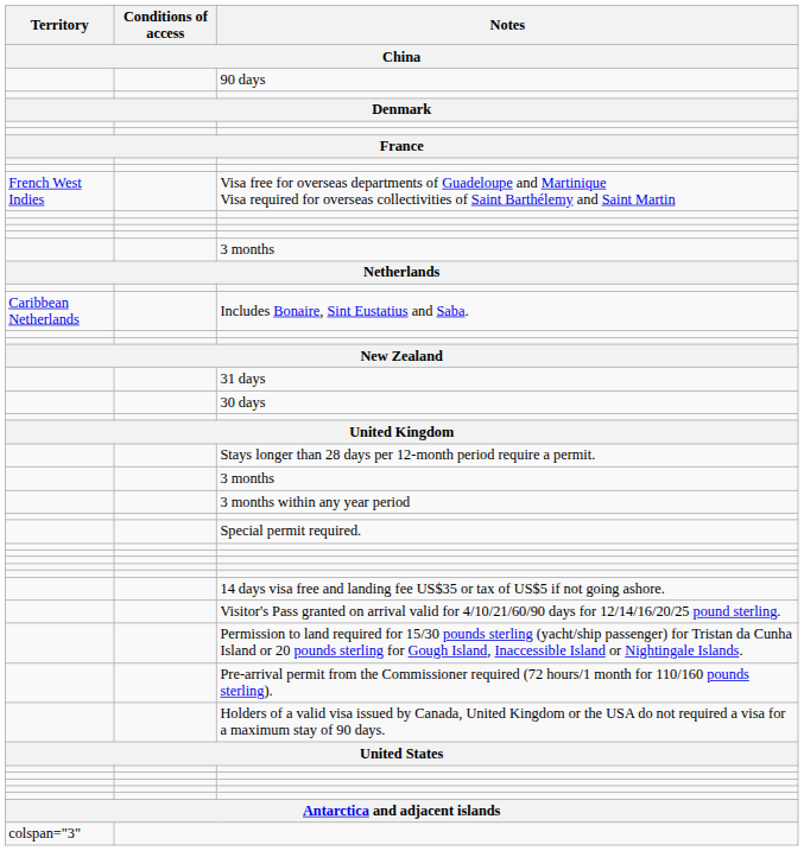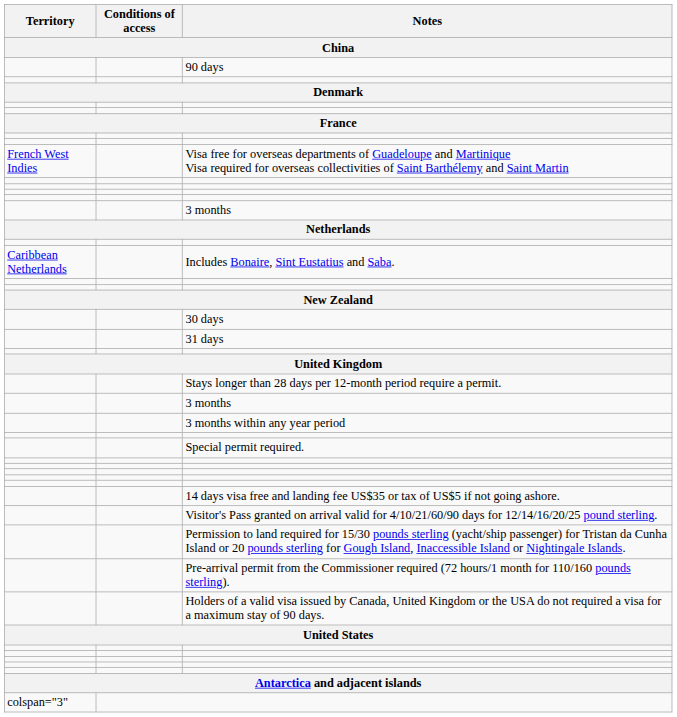 <table class="wikitable" style="text-align: left; table-layout: fixed;">
 <tr>
 <th>Territory</th>
 <th>Conditions of access</th>
 <th>Notes</th>
 </tr>
 <tr>
 <th colspan="3">China</th>
 </tr>
 <tr>
 <td></td>
 <td></td>
 <td>90 days</td>
 </tr>
 <tr>
 <td></td>
 <td></td>
 <td></td>
 </tr>
 <tr>
 <th colspan="3">Denmark</th>
 </tr>
 <tr>
 <td></td>
 <td></td>
 <td></td>
 </tr>
 <tr>
 <td></td>
 <td></td>
 <td></td>
 </tr>
 <tr>
 <th colspan="3">France</th>
 </tr>
 <tr>
 <td></td>
 <td></td>
 <td></td>
 </tr>
 <tr>
 <td></td>
 <td></td>
 <td></td>
 </tr>
 <tr>
 <td> <a href='#'>French West Indies</a></td>
 <td></td>
 <td>Visa free for overseas departments of <a href='#'>Guadeloupe</a> and <a href='#'>Martinique</a><br> Visa required for overseas collectivities of <a href='#'>Saint Barthélemy</a> and <a href='#'>Saint Martin</a></td>
 </tr>
 <tr>
 <td></td>
 <td></td>
 <td></td>
 </tr>
 <tr>
 <td></td>
 <td></td>
 <td></td>
 </tr>
 <tr>
 <td></td>
 <td></td>
 <td></td>
 </tr>
 <tr>
 <td></td>
 <td></td>
 <td></td>
 </tr>
 <tr>
 <td></td>
 <td></td>
 <td>3 months</td>
 </tr>
 <tr>
 <th colspan="3">Netherlands</th>
 </tr>
 <tr>
 <td></td>
 <td></td>
 <td></td>
 </tr>
 <tr>
 <td> <a href='#'>Caribbean Netherlands</a></td>
 <td></td>
 <td>Includes <a href='#'>Bonaire</a>, <a href='#'>Sint Eustatius</a> and <a href='#'>Saba</a>.</td>
 </tr>
 <tr>
 <td></td>
 <td></td>
 <td></td>
 </tr>
 <tr>
 <td></td>
 <td></td>
 <td></td>
 </tr>
 <tr>
 <th colspan="3">New Zealand</th>
 </tr>
 <tr>
 <td></td>
 <td></td>
-<td>31 days</td>
+<td>30 days</td>
 </tr>
 <tr>
 <td></td>
 <td></td>
-<td>30 days</td>
+<td>31 days</td>
 </tr>
 <tr>
 <td></td>
 <td></td>
 <td></td>
 </tr>
 <tr>
 <th colspan="3">United Kingdom</th>
 </tr>
 <tr>
 <td></td>
 <td></td>
 <td>Stays longer than 28 days per 12-month period require a permit.</td>
 </tr>
 <tr>
 <td></td>
 <td></td>
 <td>3 months</td>
 </tr>
 <tr>
 <td></td>
 <td></td>
 <td>3 months within any year period</td>
 </tr>
 <tr>
 <td></td>
 <td></td>
 <td></td>
 </tr>
 <tr>
 <td></td>
 <td></td>
 <td>Special permit required.</td>
 </tr>
 <tr>
 <td></td>
 <td></td>
 <td></td>
 </tr>
 <tr>
 <td></td>
 <td></td>
 <td></td>
 </tr>
 <tr>
 <td></td>
 <td></td>
 <td></td>
 </tr>
 <tr>
 <td></td>
 <td></td>
 <td></td>
 </tr>
 <tr>
 <td></td>
 <td></td>
 <td></td>
 </tr>
 <tr>
 <td></td>
 <td></td>
 <td>14 days visa free and landing fee US$35 or tax of US$5 if not going ashore.</td>
 </tr>
 <tr>
 <td></td>
 <td></td>
 <td>Visitor's Pass granted on arrival valid for 4/10/21/60/90 days for 12/14/16/20/25 <a href='#'>pound sterling</a>.</td>
 </tr>
 <tr>
 <td></td>
 <td></td>
 <td>Permission to land required for 15/30 <a href='#'>pounds sterling</a> (yacht/ship passenger) for Tristan da Cunha Island or 20 <a href='#'>pounds sterling</a> for <a href='#'>Gough Island</a>, <a href='#'>Inaccessible Island</a> or <a href='#'>Nightingale Islands</a>.</td>
 </tr>
 <tr>
 <td></td>
 <td></td>
 <td>Pre-arrival permit from the Commissioner required (72 hours/1 month for 110/160 <a href='#'>pounds sterling</a>).</td>
 </tr>
 <tr>
 <td></td>
 <td></td>
 <td>Holders of a valid visa issued by Canada, United Kingdom or the USA do not required a visa for a maximum stay of 90 days.</td>
 </tr>
 <tr>
 <th colspan="3">United States</th>
 </tr>
 <tr>
 <td></td>
 <td></td>
 <td></td>
 </tr>
 <tr>
 <td></td>
 <td></td>
 <td></td>
 </tr>
 <tr>
 <td></td>
 <td></td>
 <td></td>
 </tr>
 <tr>
 <td></td>
 <td></td>
 <td></td>
 </tr>
 <tr>
 <td></td>
 <td></td>
 <td></td>
 </tr>
 <tr>
 <th colspan="3"><a href='#'>Antarctica</a> and adjacent islands</th>
 </tr>
 <tr>
 <td>colspan="3" </td>
 </tr>
 </table>
